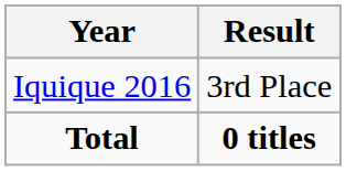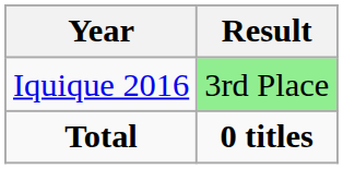 <table class="wikitable" style="text-align: center;">
 <tr>
 <th>Year</th>
 <th>Result</th>
 </tr>
 <tr>
 <td style="text-align:left;"> <a href='#'>Iquique 2016</a></td>
-<td>3rd Place</td>
+<td style="background: lightgreen;">3rd Place</td>
 </tr>
 <tr>
 <td><strong>Total</strong></td>
 <td><strong>0 titles</strong></td>
 </tr>
 </table>
